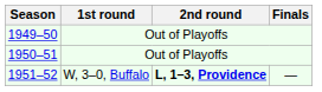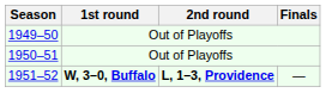 <table class="wikitable" style="text-align:center">
 <tr>
 <th>Season</th>
 <th>1st round</th>
 <th>2nd round</th>
 <th>Finals</th>
 </tr>
 <tr bgcolor="#eeffee">
 <td><a href='#'>1949–50</a></td>
 <td colspan="3">Out of Playoffs</td>
 </tr>
 <tr bgcolor="#eeffee">
 <td><a href='#'>1950–51</a></td>
 <td colspan="3">Out of Playoffs</td>
 </tr>
 <tr bgcolor="#eeffee">
 <td><a href='#'>1951–52</a></td>
-<td>W, 3–0, <a href='#'>Buffalo</a></td>
+<td><strong>W, 3–0, <a href='#'>Buffalo</a></strong></td>
 <td><strong>L, 1–3, <a href='#'>Providence</a></strong></td>
 <td>—</td>
 </tr>
 </table>
